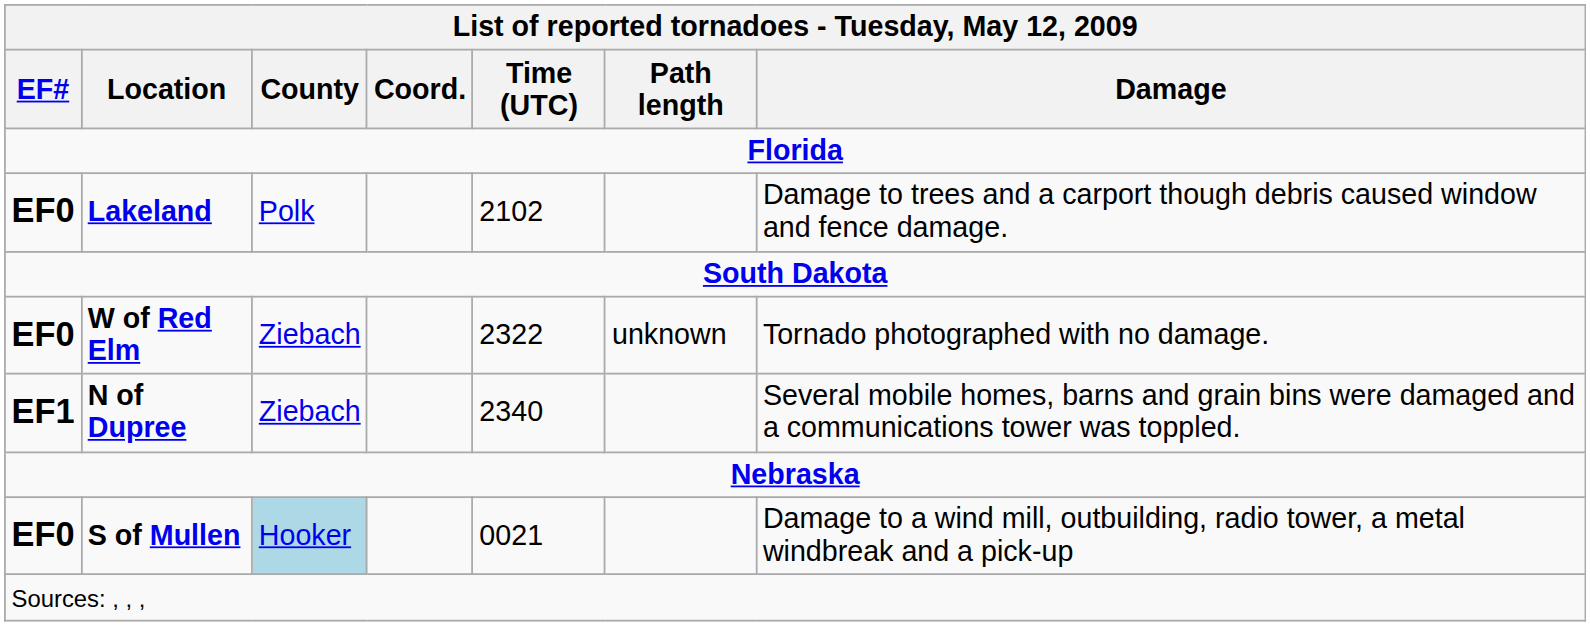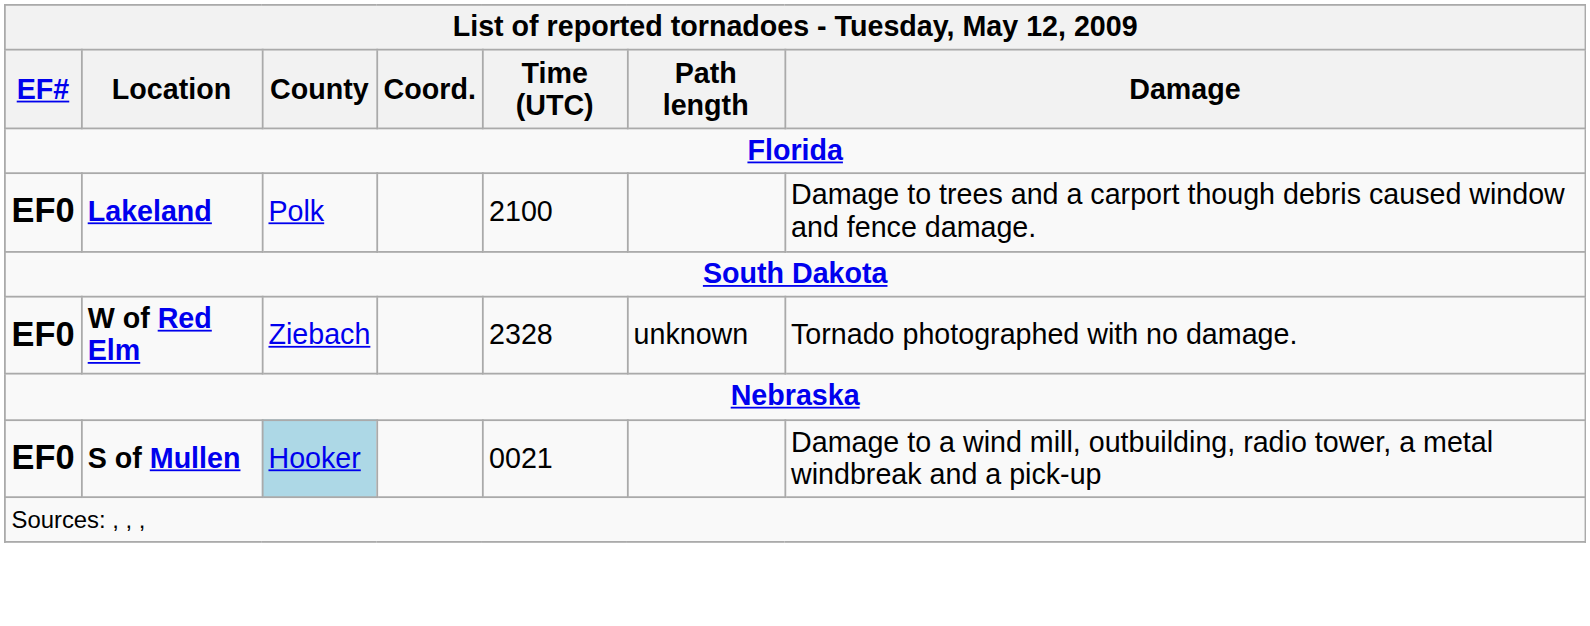 <table class="wikitable collapsible" width="100%">
 <tr>
 <th colspan="7">List of reported tornadoes - Tuesday, May 12, 2009</th>
 </tr>
 <tr>
 <th><a href='#'>EF#</a></th>
 <th>Location</th>
 <th>County</th>
 <th>Coord.</th>
 <th>Time (UTC)</th>
 <th>Path length</th>
 <th>Damage</th>
 </tr>
 <tr>
 <td colspan="7" align=center><strong><a href='#'>Florida</a></strong></td>
 </tr>
 <tr>
 <td><big><strong>EF0</strong></big></td>
 <td><strong><a href='#'>Lakeland</a></strong></td>
 <td><a href='#'>Polk</a></td>
 <td></td>
-<td>2102</td>
+<td>2100</td>
 <td></td>
 <td>Damage to trees and a carport though debris caused window and fence damage.</td>
 </tr>
 <tr>
 <td colspan="7" align=center><strong><a href='#'>South Dakota</a></strong></td>
 </tr>
 <tr>
 <td><big><strong>EF0</strong></big></td>
 <td><strong>W of <a href='#'>Red Elm</a></strong></td>
 <td><a href='#'>Ziebach</a></td>
 <td></td>
-<td>2322</td>
+<td>2328</td>
 <td>unknown</td>
 <td>Tornado photographed with no damage.</td>
-</tr>
-<tr>
-<td><big><strong>EF1</strong></big></td>
-<td><strong>N of <a href='#'>Dupree</a></strong></td>
-<td><a href='#'>Ziebach</a></td>
-<td></td>
-<td>2340</td>
-<td></td>
-<td>Several mobile homes, barns and grain bins were damaged and a communications tower was toppled.</td>
 </tr>
 <tr>
 <td colspan="7" align=center><strong><a href='#'>Nebraska</a></strong></td>
 </tr>
 <tr>
 <td><big><strong>EF0</strong></big></td>
 <td><strong>S of <a href='#'>Mullen</a></strong></td>
 <td style="background: lightblue;"><a href='#'>Hooker</a></td>
 <td></td>
 <td>0021</td>
 <td></td>
 <td>Damage to a wind mill, outbuilding, radio tower, a metal windbreak and a pick-up</td>
 </tr>
 <tr>
 <td colspan="7"><small>Sources: , , , </small></td>
 </tr>
 </table>
